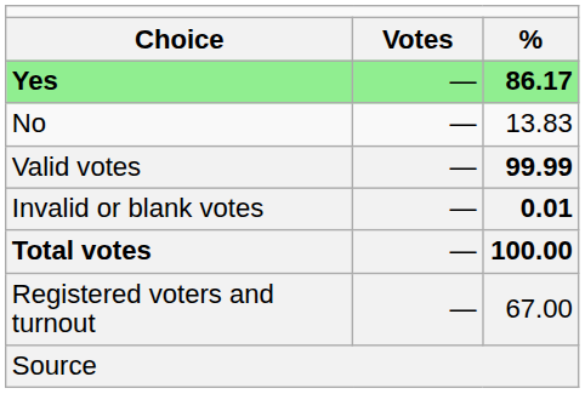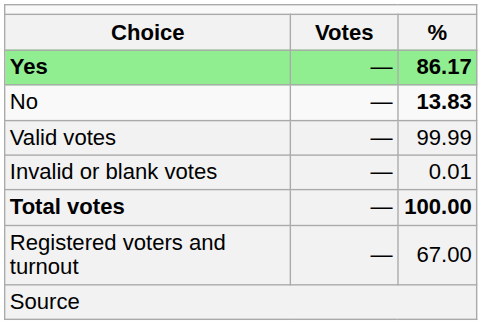 <table class="wikitable" style="text-align:right;">
 <tr>
 <td colspan="6" align="center"></td>
 </tr>
 <tr>
 <th style="width:200px;">Choice</th>
 <th style="width:70px;">Votes</th>
 <th style="width:50px;">%</th>
 </tr>
 <tr style="background:lightgreen;">
 <td align="left"> <strong>Yes</strong></td>
 <td>—</td>
 <td><strong>86.17</strong></td>
 </tr>
 <tr>
 <td align="left">No</td>
 <td>—</td>
-<td>13.83</td>
+<td><strong>13.83</strong></td>
 </tr>
 <tr style="background-color:#F2F2F2">
 <td align="left">Valid votes</td>
 <td>—</td>
-<td><strong>99.99</strong></td>
+<td>99.99</td>
 </tr>
 <tr style="background-color:#F2F2F2">
 <td align="left">Invalid or blank votes</td>
 <td>—</td>
-<td><strong>0.01</strong></td>
+<td>0.01</td>
 </tr>
 <tr style="background-color:#F2F2F2">
 <td align="left"><strong>Total votes</strong></td>
 <td>—</td>
 <td><strong>100.00</strong></td>
 </tr>
 <tr style="background-color:#F2F2F2">
 <td align="left">Registered voters and turnout</td>
 <td>—</td>
 <td>67.00</td>
 </tr>
 <tr style="background-color:#F2F2F2">
 <td colspan="3" align="left">Source</td>
 </tr>
 </table>
